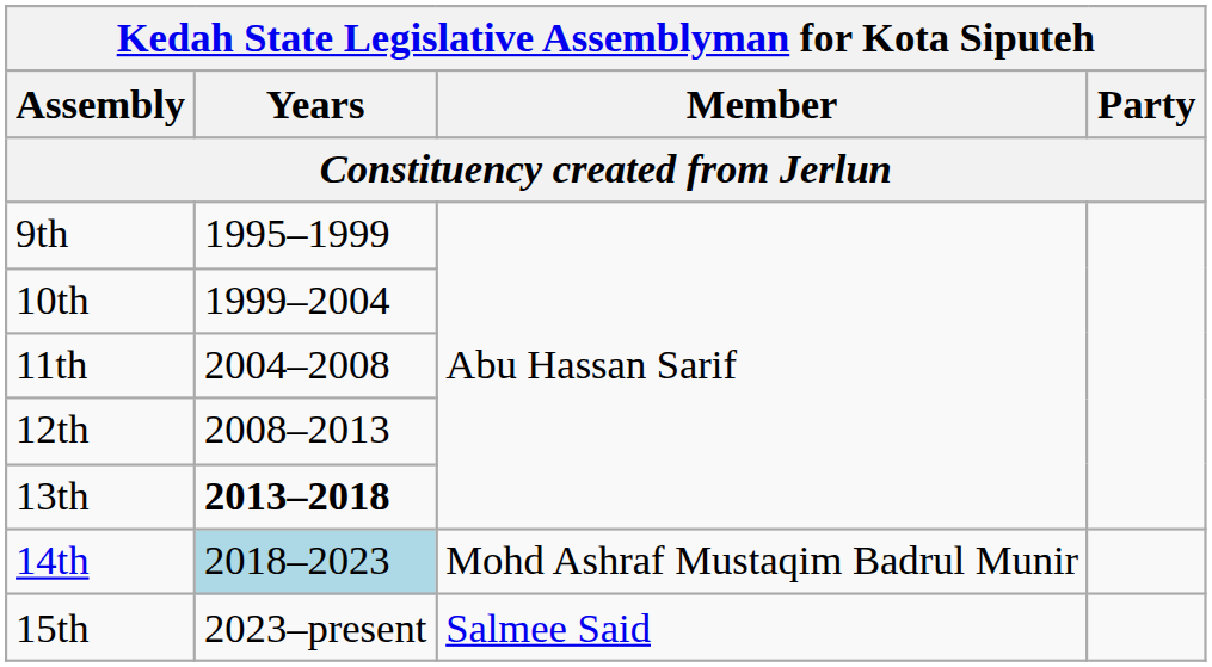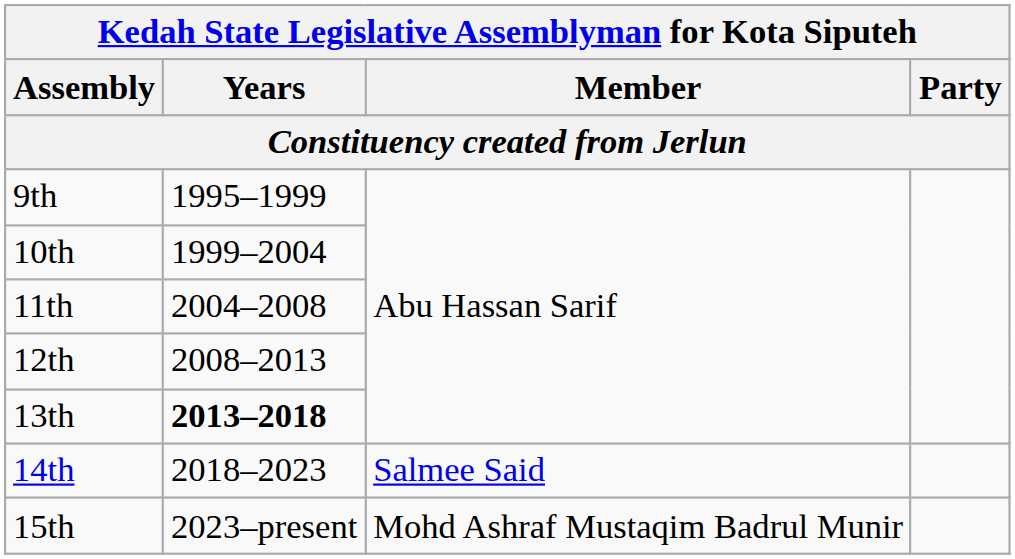 <table class="wikitable">
 <tr>
 <th colspan="4"><a href='#'>Kedah State Legislative Assemblyman</a> for Kota Siputeh</th>
 </tr>
 <tr>
 <th>Assembly</th>
 <th>Years</th>
 <th>Member</th>
 <th>Party</th>
 </tr>
 <tr>
 <th colspan="4" align="center"><em>Constituency created from Jerlun</em></th>
 </tr>
 <tr>
 <td>9th</td>
 <td>1995–1999</td>
 <td rowspan="5">Abu Hassan Sarif</td>
 <td rowspan="5"></td>
 </tr>
 <tr>
 <td>10th</td>
 <td>1999–2004</td>
 </tr>
 <tr>
 <td>11th</td>
 <td>2004–2008</td>
 </tr>
 <tr>
 <td>12th</td>
 <td>2008–2013</td>
 </tr>
 <tr>
 <td>13th</td>
 <td><strong>2013–2018</strong></td>
 </tr>
 <tr>
 <td><a href='#'>14th</a></td>
-<td style="background: lightblue;">2018–2023</td>
-<td>Mohd Ashraf Mustaqim Badrul Munir</td>
+<td>2018–2023</td>
+<td><a href='#'>Salmee Said</a></td>
 <td></td>
 </tr>
 <tr>
 <td>15th</td>
 <td>2023–present</td>
-<td><a href='#'>Salmee Said</a></td>
+<td>Mohd Ashraf Mustaqim Badrul Munir</td>
 <td></td>
 </tr>
 </table>
